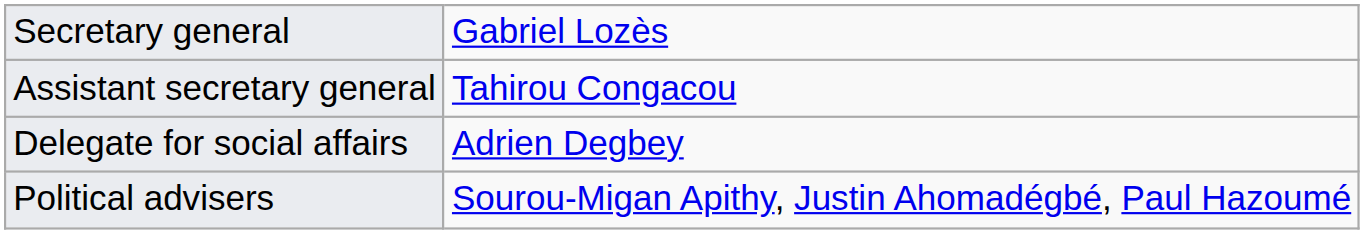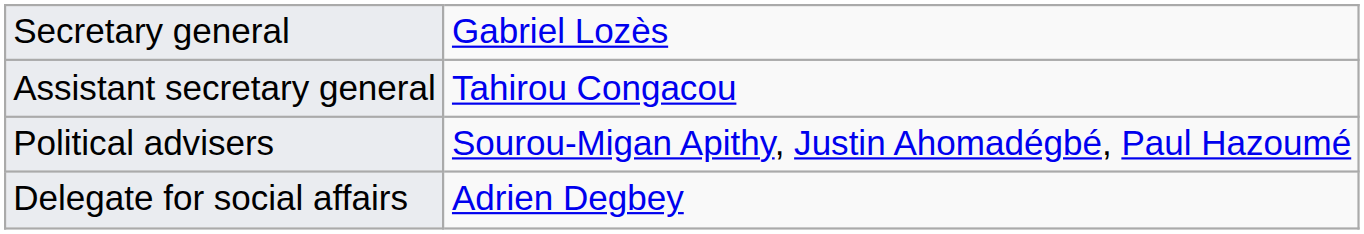 <table class="wikitable">
 <tr>
 <td style="background: #EAECF0">Secretary general</td>
 <td><a href='#'>Gabriel Lozès</a></td>
 </tr>
 <tr>
 <td style="background: #EAECF0">Assistant secretary general</td>
 <td><a href='#'>Tahirou Congacou</a></td>
 </tr>
 <tr>
+<td style="background: #EAECF0">Political advisers</td>
+<td><a href='#'>Sourou-Migan Apithy</a>, <a href='#'>Justin Ahomadégbé</a>, <a href='#'>Paul Hazoumé</a></td>
+</tr>
+<tr>
 <td style="background: #EAECF0">Delegate for social affairs</td>
 <td><a href='#'>Adrien Degbey</a></td>
 </tr>
-<tr>
-<td style="background: #EAECF0">Political advisers</td>
-<td><a href='#'>Sourou-Migan Apithy</a>, <a href='#'>Justin Ahomadégbé</a>, <a href='#'>Paul Hazoumé</a></td>
-</tr>
 </table>
